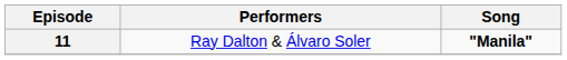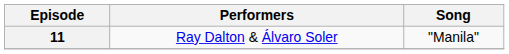 <table class="wikitable" style="text-align:center; width:65%">
 <tr>
 <th>Episode</th>
 <th>Performers</th>
 <th>Song</th>
 </tr>
 <tr>
 <th>11</th>
 <td><a href='#'>Ray Dalton</a> & <a href='#'>Álvaro Soler</a></td>
-<td><strong>"Manila"</strong></td>
+<td>"Manila"</td>
 </tr>
 <tr>
 </tr>
 </table>
